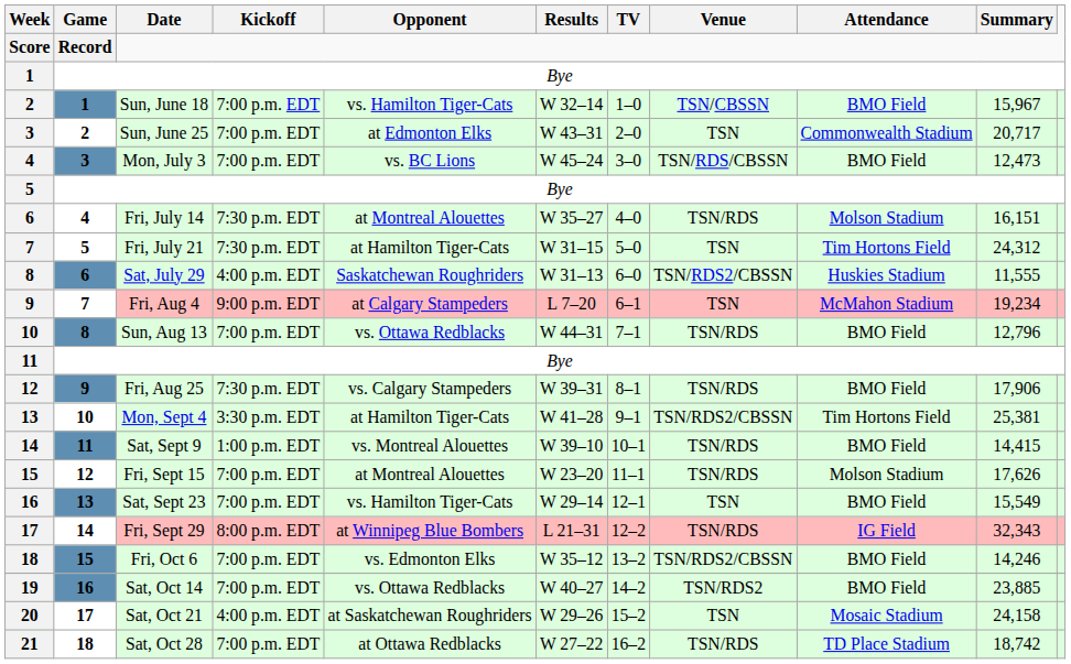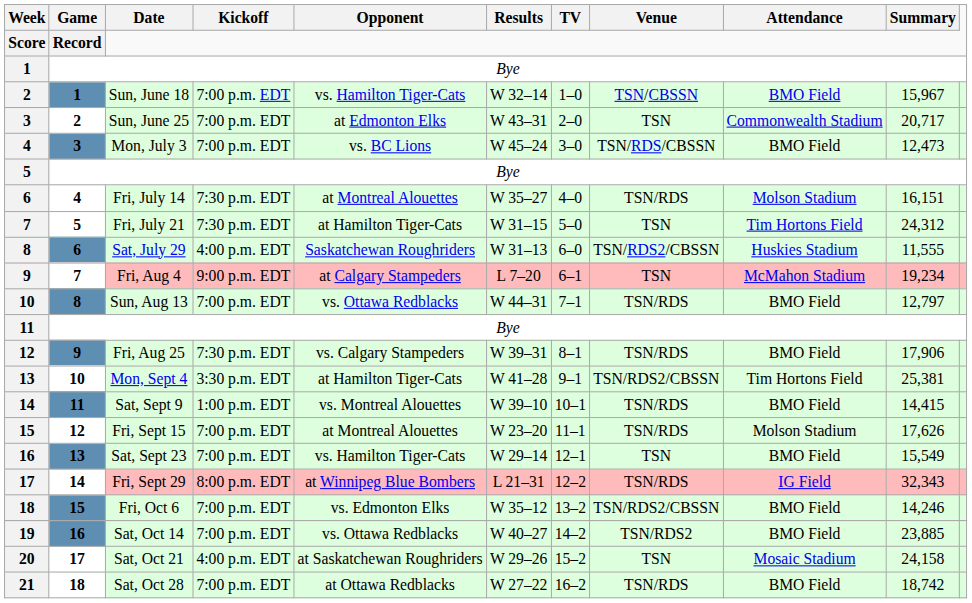 <table class="wikitable" style="font-size: 95%;">
 <tr>
 <th scope="col">Week</th>
 <th scope="col">Game</th>
 <th scope="col">Date</th>
 <th scope="col">Kickoff</th>
 <th scope="col">Opponent</th>
 <th scope="col">Results</th>
 <th scope="col">TV</th>
 <th scope="col">Venue</th>
 <th scope="col">Attendance</th>
 <th scope="col">Summary</th>
 </tr>
 <tr>
 <th scope="col">Score</th>
 <th scope="col">Record</th>
 </tr>
 <tr align="center"= bgcolor="ffffff">
 <th align="center"><strong>1</strong></th>
 <td colspan=10 align="center" valign="middle"><em>Bye</em></td>
 </tr>
 <tr align="center"= bgcolor="ddffdd">
 <th align="center"><strong>2</strong></th>
 <th style="text-align:center; background:#5E8EB2;"><span>1</span></th>
 <td align="center">Sun, June 18</td>
 <td align="center">7:00 p.m. <a href='#'>EDT</a></td>
 <td align="center">vs. <a href='#'>Hamilton Tiger-Cats</a></td>
 <td align="center">W 32–14</td>
 <td align="center">1–0</td>
 <td align="center"><a href='#'>TSN</a>/<a href='#'>CBSSN</a></td>
 <td align="center"><a href='#'>BMO Field</a></td>
 <td align="center">15,967</td>
 <td align="center"></td>
 </tr>
 <tr align="center"= bgcolor="ddffdd">
 <th align="center"><strong>3</strong></th>
 <th style="text-align:center; background:white;"><span>2</span></th>
 <td align="center">Sun, June 25</td>
 <td align="center">7:00 p.m. EDT</td>
 <td align="center">at <a href='#'>Edmonton Elks</a></td>
 <td align="center">W 43–31</td>
 <td align="center">2–0</td>
 <td align="center">TSN</td>
 <td align="center"><a href='#'>Commonwealth Stadium</a></td>
 <td align="center">20,717</td>
 <td align="center"></td>
 </tr>
 <tr align="center"= bgcolor="ddffdd">
 <th align="center"><strong>4</strong></th>
 <th style="text-align:center; background:#5E8EB2;"><span>3</span></th>
 <td align="center">Mon, July 3</td>
 <td align="center">7:00 p.m. EDT</td>
 <td align="center">vs. <a href='#'>BC Lions</a></td>
 <td align="center">W 45–24</td>
 <td align="center">3–0</td>
 <td align="center">TSN/<a href='#'>RDS</a>/CBSSN</td>
 <td align="center">BMO Field</td>
 <td align="center">12,473</td>
 <td align="center"></td>
 </tr>
 <tr align="center"= bgcolor="ffffff">
 <th align="center"><strong>5</strong></th>
 <td colspan=10 align="center" valign="middle"><em>Bye</em></td>
 </tr>
 <tr align="center"= bgcolor="ddffdd">
 <th align="center"><strong>6</strong></th>
 <th style="text-align:center; background:white;"><span>4</span></th>
 <td align="center">Fri, July 14</td>
 <td align="center">7:30 p.m. EDT</td>
 <td align="center">at <a href='#'>Montreal Alouettes</a></td>
 <td align="center">W 35–27</td>
 <td align="center">4–0</td>
 <td align="center">TSN/RDS</td>
 <td align="center"><a href='#'>Molson Stadium</a></td>
 <td align="center">16,151</td>
 <td align="center"></td>
 </tr>
 <tr align="center"= bgcolor="ddffdd">
 <th align="center"><strong>7</strong></th>
 <th style="text-align:center; background:white;"><span>5</span></th>
 <td align="center">Fri, July 21</td>
 <td align="center">7:30 p.m. EDT</td>
 <td align="center">at Hamilton Tiger-Cats</td>
 <td align="center">W 31–15</td>
 <td align="center">5–0</td>
 <td align="center">TSN</td>
 <td align="center"><a href='#'>Tim Hortons Field</a></td>
 <td align="center">24,312</td>
 <td align="center"></td>
 </tr>
 <tr align="center"= bgcolor="ddffdd">
 <th align="center"><strong>8</strong></th>
 <th style="text-align:center; background:#5E8EB2;"><span>6</span></th>
 <td align="center"><a href='#'>Sat, July 29</a></td>
 <td align="center">4:00 p.m. EDT</td>
 <td align="center"><a href='#'>Saskatchewan Roughriders</a></td>
 <td align="center">W 31–13</td>
 <td align="center">6–0</td>
 <td align="center">TSN/<a href='#'>RDS2</a>/CBSSN</td>
 <td align="center"><a href='#'>Huskies Stadium</a></td>
 <td align="center">11,555</td>
 <td align="center"></td>
 </tr>
 <tr align="center" bgcolor="ffbbbb">
 <th align="center"><strong>9</strong></th>
 <th style="text-align:center; background:white;"><span>7</span></th>
 <td align="center">Fri, Aug 4</td>
 <td align="center">9:00 p.m. EDT</td>
 <td align="center">at <a href='#'>Calgary Stampeders</a></td>
 <td align="center">L 7–20</td>
 <td align="center">6–1</td>
 <td align="center">TSN</td>
 <td align="center"><a href='#'>McMahon Stadium</a></td>
 <td align="center">19,234</td>
 <td align="center"></td>
 </tr>
 <tr align="center"= bgcolor="ddffdd">
 <th align="center"><strong>10</strong></th>
 <th style="text-align:center; background:#5E8EB2;"><span>8</span></th>
 <td align="center">Sun, Aug 13</td>
 <td align="center">7:00 p.m. EDT</td>
 <td align="center">vs. <a href='#'>Ottawa Redblacks</a></td>
 <td align="center">W 44–31</td>
 <td align="center">7–1</td>
 <td align="center">TSN/RDS</td>
 <td align="center">BMO Field</td>
-<td align="center">12,796</td>
+<td align="center">12,797</td>
 <td align="center"></td>
 </tr>
 <tr align="center"= bgcolor="ffffff">
 <th align="center"><strong>11</strong></th>
 <td colspan=10 align="center" valign="middle"><em>Bye</em></td>
 </tr>
 <tr align="center"= bgcolor="ddffdd">
 <th align="center"><strong>12</strong></th>
 <th style="text-align:center; background:#5E8EB2;"><span>9</span></th>
 <td align="center">Fri, Aug 25</td>
 <td align="center">7:30 p.m. EDT</td>
 <td align="center">vs. Calgary Stampeders</td>
 <td align="center">W 39–31</td>
 <td align="center">8–1</td>
 <td align="center">TSN/RDS</td>
 <td align="center">BMO Field</td>
 <td align="center">17,906</td>
 <td align="center"></td>
 </tr>
 <tr align="center"= bgcolor="ddffdd">
 <th align="center"><strong>13</strong></th>
 <th style="text-align:center; background:white;"><span>10</span></th>
 <td align="center"><a href='#'>Mon, Sept 4</a></td>
 <td align="center">3:30 p.m. EDT</td>
 <td align="center">at Hamilton Tiger-Cats</td>
 <td align="center">W 41–28</td>
 <td align="center">9–1</td>
 <td align="center">TSN/RDS2/CBSSN</td>
 <td align="center">Tim Hortons Field</td>
 <td align="center">25,381</td>
 <td align="center"></td>
 </tr>
 <tr align="center"= bgcolor="ddffdd">
 <th align="center"><strong>14</strong></th>
 <th style="text-align:center; background:#5E8EB2;"><span>11</span></th>
 <td align="center">Sat, Sept 9</td>
 <td align="center">1:00 p.m. EDT</td>
 <td align="center">vs. Montreal Alouettes</td>
 <td align="center">W 39–10</td>
 <td align="center">10–1</td>
 <td align="center">TSN/RDS</td>
 <td align="center">BMO Field</td>
 <td align="center">14,415</td>
 <td align="center"></td>
 </tr>
 <tr align="center"= bgcolor="ddffdd">
 <th align="center"><strong>15</strong></th>
 <th style="text-align:center; background:white;"><span>12</span></th>
 <td align="center">Fri, Sept 15</td>
 <td align="center">7:00 p.m. EDT</td>
 <td align="center">at Montreal Alouettes</td>
 <td align="center">W 23–20</td>
 <td align="center">11–1</td>
 <td align="center">TSN/RDS</td>
 <td align="center">Molson Stadium</td>
 <td align="center">17,626</td>
 <td align="center"></td>
 </tr>
 <tr align="center"= bgcolor="ddffdd">
 <th align="center"><strong>16</strong></th>
 <th style="text-align:center; background:#5E8EB2;"><span>13</span></th>
 <td align="center">Sat, Sept 23</td>
 <td align="center">7:00 p.m. EDT</td>
 <td align="center">vs. Hamilton Tiger-Cats</td>
 <td align="center">W 29–14</td>
 <td align="center">12–1</td>
 <td align="center">TSN</td>
 <td align="center">BMO Field</td>
 <td align="center">15,549</td>
 <td align="center"></td>
 </tr>
 <tr align="center" bgcolor="ffbbbb">
 <th align="center"><strong>17</strong></th>
 <th style="text-align:center; background:white;"><span>14</span></th>
 <td align="center">Fri, Sept 29</td>
 <td align="center">8:00 p.m. EDT</td>
 <td align="center">at <a href='#'>Winnipeg Blue Bombers</a></td>
 <td align="center">L 21–31</td>
 <td align="center">12–2</td>
 <td align="center">TSN/RDS</td>
 <td align="center"><a href='#'>IG Field</a></td>
 <td align="center">32,343</td>
 <td align="center"></td>
 </tr>
 <tr align="center"= bgcolor="ddffdd">
 <th align="center"><strong>18</strong></th>
 <th style="text-align:center; background:#5E8EB2;"><span>15</span></th>
 <td align="center">Fri, Oct 6</td>
 <td align="center">7:00 p.m. EDT</td>
 <td align="center">vs. Edmonton Elks</td>
 <td align="center">W 35–12</td>
 <td align="center">13–2</td>
 <td align="center">TSN/RDS2/CBSSN</td>
 <td align="center">BMO Field</td>
 <td align="center">14,246</td>
 <td align="center"></td>
 </tr>
 <tr align="center"= bgcolor="ddffdd">
 </tr>
 <tr align="center"= bgcolor="ddffdd">
 <th align="center"><strong>19</strong></th>
 <th style="text-align:center; background:#5E8EB2;"><span>16</span></th>
 <td align="center">Sat, Oct 14</td>
 <td align="center">7:00 p.m. EDT</td>
 <td align="center">vs. Ottawa Redblacks</td>
 <td align="center">W 40–27</td>
 <td align="center">14–2</td>
 <td align="center">TSN/RDS2</td>
 <td align="center">BMO Field</td>
 <td align="center">23,885</td>
 <td align="center"></td>
 </tr>
 <tr align="center"= bgcolor="ddffdd">
 <th align="center"><strong>20</strong></th>
 <th style="text-align:center; background:white;"><span>17</span></th>
 <td align="center">Sat, Oct 21</td>
 <td align="center">4:00 p.m. EDT</td>
 <td align="center">at Saskatchewan Roughriders</td>
 <td align="center">W 29–26</td>
 <td align="center">15–2</td>
 <td align="center">TSN</td>
 <td align="center"><a href='#'>Mosaic Stadium</a></td>
 <td align="center">24,158</td>
 <td align="center"></td>
 </tr>
 <tr align="center"= bgcolor="ddffdd">
 <th align="center"><strong>21</strong></th>
 <th style="text-align:center; background:white;"><span>18</span></th>
 <td align="center">Sat, Oct 28</td>
 <td align="center">7:00 p.m. EDT</td>
 <td align="center">at Ottawa Redblacks</td>
 <td align="center">W 27–22</td>
 <td align="center">16–2</td>
 <td align="center">TSN/RDS</td>
-<td align="center"><a href='#'>TD Place Stadium</a></td>
+<td align="center">BMO Field</td>
 <td align="center">18,742</td>
 <td align="center"></td>
 </tr>
 </table>
